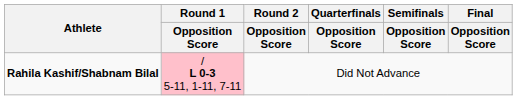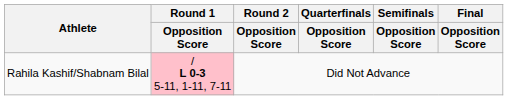 <table class=wikitable style="text-align:center; font-size:90%">
 <tr>
 <th rowspan="2">Athlete</th>
 <th>Round 1</th>
 <th>Round 2</th>
 <th>Quarterfinals</th>
 <th>Semifinals</th>
 <th>Final</th>
 </tr>
 <tr>
 <th>Opposition<br>Score</th>
 <th>Opposition<br>Score</th>
 <th>Opposition<br>Score</th>
 <th>Opposition<br>Score</th>
 <th>Opposition<br>Score</th>
 </tr>
 <tr>
-<td><strong>Rahila Kashif/Shabnam Bilal</strong></td>
+<td>Rahila Kashif/Shabnam Bilal</td>
 <td style="text-align:center; background:pink;">/<br><strong>L 0-3</strong><br>5-11, 1-11, 7-11</td>
 <td colspan=4>Did Not Advance</td>
 </tr>
 </table>
